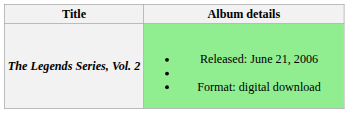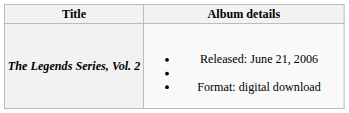 <table class="wikitable plainrowheaders" style="text-align:center;">
 <tr>
 <th scope="col" style="width:11em;">Title</th>
 <th scope="col" style="width:16em;">Album details</th>
 </tr>
 <tr>
 <th scope="row"><em>The Legends Series, Vol. 2</em></th>
-<td style="background: lightgreen;"><br><ul><li>Released: June 21, 2006</li><li></li><li>Format: digital download</li></ul></td>
+<td><br><ul><li>Released: June 21, 2006</li><li></li><li>Format: digital download</li></ul></td>
 </tr>
 </table>
